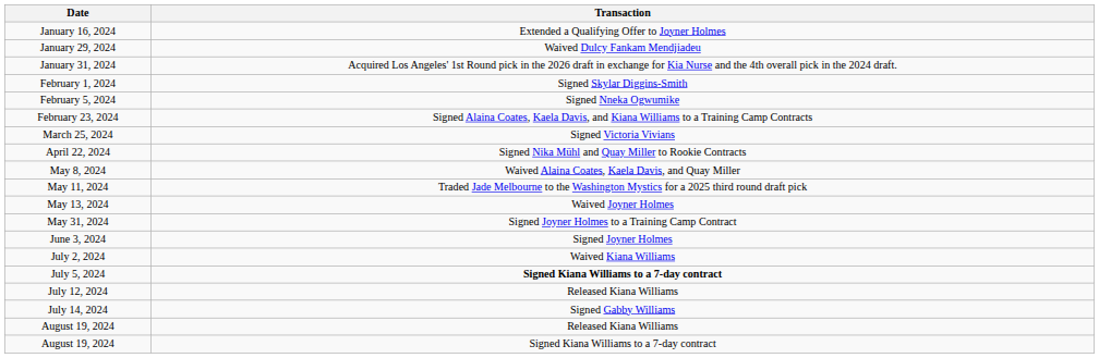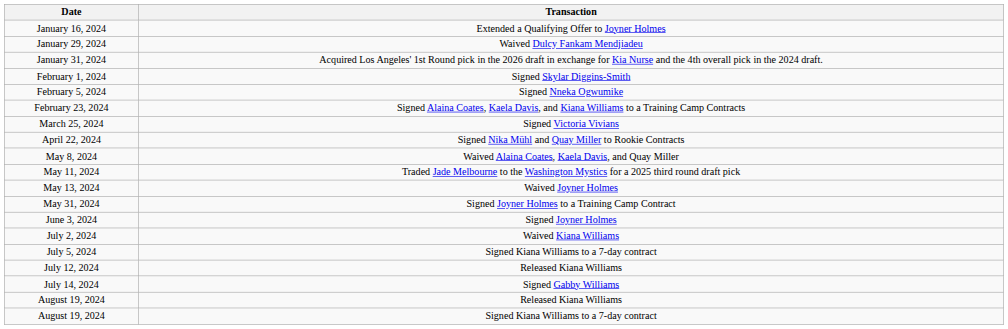 <table class="wikitable" style="width:80%; text-align: center;">
 <tr>
 <th>Date</th>
 <th>Transaction</th>
 </tr>
 <tr>
 <td>January 16, 2024</td>
 <td>Extended a Qualifying Offer to <a href='#'>Joyner Holmes</a></td>
 </tr>
 <tr>
 <td>January 29, 2024</td>
 <td>Waived <a href='#'>Dulcy Fankam Mendjiadeu</a></td>
 </tr>
 <tr>
 <td>January 31, 2024</td>
 <td>Acquired Los Angeles' 1st Round pick in the 2026 draft in exchange for <a href='#'>Kia Nurse</a> and the 4th overall pick in the 2024 draft.</td>
 </tr>
 <tr>
 <td>February 1, 2024</td>
 <td>Signed <a href='#'>Skylar Diggins-Smith</a></td>
 </tr>
 <tr>
 <td>February 5, 2024</td>
 <td>Signed <a href='#'>Nneka Ogwumike</a></td>
 </tr>
 <tr>
 <td>February 23, 2024</td>
 <td>Signed <a href='#'>Alaina Coates</a>, <a href='#'>Kaela Davis</a>, and <a href='#'>Kiana Williams</a> to a Training Camp Contracts</td>
 </tr>
 <tr>
 <td>March 25, 2024</td>
 <td>Signed <a href='#'>Victoria Vivians</a></td>
 </tr>
 <tr>
 <td>April 22, 2024</td>
 <td>Signed <a href='#'>Nika Mühl</a> and <a href='#'>Quay Miller</a> to Rookie Contracts</td>
 </tr>
 <tr>
 <td>May 8, 2024</td>
 <td>Waived <a href='#'>Alaina Coates</a>, <a href='#'>Kaela Davis</a>, and Quay Miller</td>
 </tr>
 <tr>
 <td>May 11, 2024</td>
 <td>Traded <a href='#'>Jade Melbourne</a> to the <a href='#'>Washington Mystics</a> for a 2025 third round draft pick</td>
 </tr>
 <tr>
 <td>May 13, 2024</td>
 <td>Waived <a href='#'>Joyner Holmes</a></td>
 </tr>
 <tr>
 <td>May 31, 2024</td>
 <td>Signed <a href='#'>Joyner Holmes</a> to a Training Camp Contract</td>
 </tr>
 <tr>
 <td>June 3, 2024</td>
 <td>Signed <a href='#'>Joyner Holmes</a></td>
 </tr>
 <tr>
 <td>July 2, 2024</td>
 <td>Waived <a href='#'>Kiana Williams</a></td>
 </tr>
 <tr>
 <td>July 5, 2024</td>
-<td><strong>Signed Kiana Williams to a 7-day contract</strong></td>
+<td>Signed Kiana Williams to a 7-day contract</td>
 </tr>
 <tr>
 <td>July 12, 2024</td>
 <td>Released Kiana Williams </td>
 </tr>
 <tr>
 <td>July 14, 2024</td>
 <td>Signed <a href='#'>Gabby Williams</a></td>
 </tr>
 <tr>
 <td>August 19, 2024</td>
 <td>Released Kiana Williams </td>
 </tr>
 <tr>
 <td>August 19, 2024</td>
 <td>Signed Kiana Williams to a 7-day contract</td>
 </tr>
 </table>
